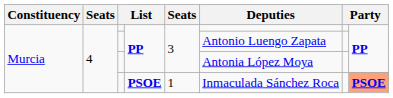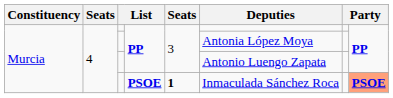 <table class="wikitable sortable">
 <tr>
 <th>Constituency</th>
 <th>Seats</th>
 <th colspan="2">List</th>
 <th>Seats</th>
 <th>Deputies</th>
 <th colspan="2">Party</th>
 </tr>
 <tr>
 <td rowspan="4"><a href='#'>Murcia</a></td>
 <td rowspan="4">4</td>
 <td></td>
 <td rowspan="3"><strong><a href='#'>PP</a></strong></td>
 <td rowspan="3">3</td>
 <td></td>
 <td></td>
 <td rowspan="3"><strong><a href='#'>PP</a></strong></td>
 </tr>
 <tr>
 <td></td>
-<td><a href='#'>Antonio Luengo Zapata</a></td>
+<td><a href='#'>Antonia López Moya</a></td>
 <td></td>
 </tr>
 <tr>
 <td></td>
-<td><a href='#'>Antonia López Moya</a></td>
+<td><a href='#'>Antonio Luengo Zapata</a></td>
 <td></td>
 </tr>
 <tr>
 <td width="1"></td>
 <td><strong><a href='#'>PSOE</a></strong></td>
-<td>1</td>
+<td><strong>1</strong></td>
 <td><a href='#'>Inmaculada Sánchez Roca</a></td>
 <td width="1"></td>
 <td style="background: lightsalmon;"><strong><a href='#'>PSOE</a></strong></td>
 </tr>
 </table>
